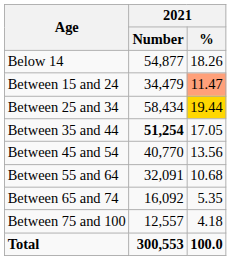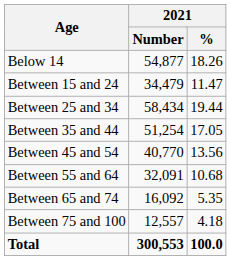 <table class="wikitable sortable" style="text-align:right">
 <tr>
 <th rowspan="2">Age</th>
 <th colspan="2">2021</th>
 </tr>
 <tr>
 <th>Number</th>
 <th>%</th>
 </tr>
 <tr>
 <td style="text-align:left">Below 14</td>
 <td>54,877</td>
 <td>18.26</td>
 </tr>
 <tr>
 <td style="text-align:left">Between 15 and 24</td>
 <td>34,479</td>
-<td style="background: lightsalmon;">11.47</td>
+<td>11.47</td>
 </tr>
 <tr>
 <td style="text-align:left">Between 25 and 34</td>
 <td>58,434</td>
-<td style="background: gold;">19.44</td>
+<td>19.44</td>
 </tr>
 <tr>
 <td style="text-align:left">Between 35 and 44</td>
-<td><strong>51,254</strong></td>
+<td>51,254</td>
 <td>17.05</td>
 </tr>
 <tr>
 <td style="text-align:left">Between 45 and 54</td>
 <td>40,770</td>
 <td>13.56</td>
 </tr>
 <tr>
 <td style="text-align:left">Between 55 and 64</td>
 <td>32,091</td>
 <td>10.68</td>
 </tr>
 <tr>
 <td style="text-align:left">Between 65 and 74</td>
 <td>16,092</td>
 <td>5.35</td>
 </tr>
 <tr>
 <td style="text-align:left">Between 75 and 100</td>
 <td>12,557</td>
 <td>4.18</td>
 </tr>
 <tr style="font-weight:bold;">
 <td style="text-align:left">Total</td>
 <td>300,553</td>
 <td>100.0</td>
 </tr>
 </table>
